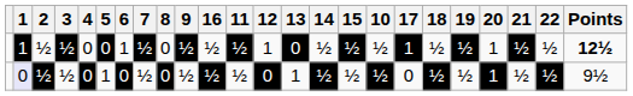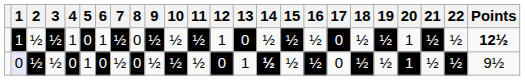 <table class="wikitable" style="text-align:center">
 <tr>
 <th></th>
 <th>1</th>
 <th>2</th>
 <th>3</th>
 <th>4</th>
 <th>5</th>
 <th>6</th>
 <th>7</th>
 <th>8</th>
 <th>9</th>
-<th>16</th>
+<th>10</th>
 <th>11</th>
 <th>12</th>
 <th>13</th>
 <th>14</th>
 <th>15</th>
-<th>10</th>
+<th>16</th>
 <th>17</th>
 <th>18</th>
 <th>19</th>
 <th>20</th>
 <th>21</th>
 <th>22</th>
 <th>Points</th>
 </tr>
 <tr>
 <td align=left></td>
 <td style="background:black; color:white">1</td>
 <td>½</td>
 <td style="background:black; color:white">½</td>
-<td>0</td>
+<td>1</td>
 <td style="background:black; color:white">0</td>
 <td>1</td>
 <td style="background:black; color:white">½</td>
 <td>0</td>
 <td style="background:black; color:white">½</td>
 <td>½</td>
 <td style="background:black; color:white">½</td>
 <td>1</td>
 <td style="background:black; color:white">0</td>
 <td>½</td>
 <td style="background:black; color:white">½</td>
 <td>½</td>
-<td style="background:black; color:white">1</td>
+<td style="background:black; color:white">0</td>
 <td>½</td>
 <td style="background:black; color:white">½</td>
 <td>1</td>
 <td style="background:black; color:white">½</td>
 <td>½</td>
 <td><strong>12½</strong></td>
 </tr>
 <tr>
 <td align=left></td>
 <td style="background: lavender;">0</td>
 <td style="background:black; color:white">½</td>
 <td>½</td>
 <td style="background:black; color:white">0</td>
 <td>1</td>
 <td style="background:black; color:white">0</td>
 <td>½</td>
 <td style="background:black; color:white">0</td>
 <td>½</td>
 <td style="background:black; color:white">½</td>
 <td>½</td>
 <td style="background:black; color:white">0</td>
 <td>1</td>
-<td style="background:black; color:white">½</td>
+<td style="background:black; color:white"><strong>½</strong></td>
 <td>½</td>
 <td style="background:black; color:white">½</td>
 <td>0</td>
 <td style="background:black; color:white">½</td>
 <td>½</td>
 <td style="background:black; color:white">1</td>
 <td>½</td>
 <td style="background:black; color:white">½</td>
 <td>9½</td>
 </tr>
 </table>
